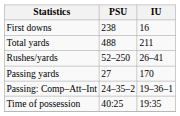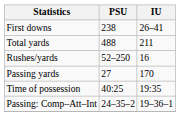 <table class="wikitable" style="float: left;">
 <tr>
 <th>Statistics</th>
 <th>PSU</th>
 <th>IU</th>
 </tr>
 <tr>
 <td>First downs</td>
 <td>238</td>
-<td>16</td>
+<td>26–41</td>
 </tr>
 <tr>
 <td>Total yards</td>
 <td>488</td>
 <td>211</td>
 </tr>
 <tr>
 <td>Rushes/yards</td>
 <td>52–250</td>
-<td>26–41</td>
+<td>16</td>
 </tr>
 <tr>
 <td>Passing yards</td>
 <td>27</td>
 <td>170</td>
 </tr>
 <tr>
+<td>Time of possession</td>
+<td>40:25</td>
+<td>19:35</td>
+</tr>
+<tr>
 <td>Passing: Comp–Att–Int</td>
 <td>24–35–2</td>
 <td>19–36–1</td>
 </tr>
 <tr>
-<td>Time of possession</td>
-<td>40:25</td>
-<td>19:35</td>
-</tr>
-<tr>
 </tr>
 </table>
